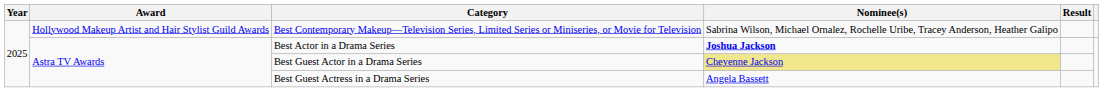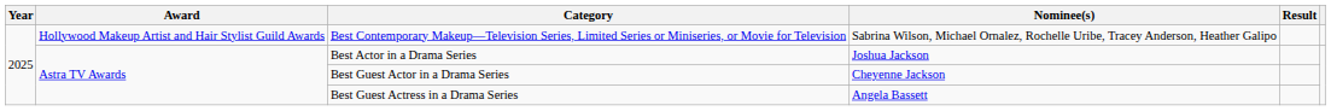 <table class="wikitable sortable">
 <tr>
 <th>Year</th>
 <th>Award</th>
 <th>Category</th>
 <th>Nominee(s)</th>
 <th>Result</th>
 <th scope="col" class="unsortable"></th>
 </tr>
 <tr>
 <td rowspan="4">2025</td>
 <td><a href='#'>Hollywood Makeup Artist and Hair Stylist Guild Awards</a></td>
 <td><a href='#'>Best Contemporary Makeup—Television Series, Limited Series or Miniseries, or Movie for Television</a></td>
 <td>Sabrina Wilson, Michael Ornalez, Rochelle Uribe, Tracey Anderson, Heather Galipo</td>
 <td></td>
 <td></td>
 </tr>
 <tr>
 <td rowspan="3"><a href='#'>Astra TV Awards</a></td>
 <td>Best Actor in a Drama Series</td>
-<td><strong><a href='#'>Joshua Jackson</a></strong></td>
+<td><a href='#'>Joshua Jackson</a></td>
 <td></td>
 <td rowspan="3"></td>
 </tr>
 <tr>
 <td>Best Guest Actor in a Drama Series</td>
-<td style="background: khaki;"><a href='#'>Cheyenne Jackson</a></td>
+<td><a href='#'>Cheyenne Jackson</a></td>
 <td></td>
 </tr>
 <tr>
 <td>Best Guest Actress in a Drama Series</td>
 <td><a href='#'>Angela Bassett</a></td>
 <td></td>
 </tr>
 </table>
